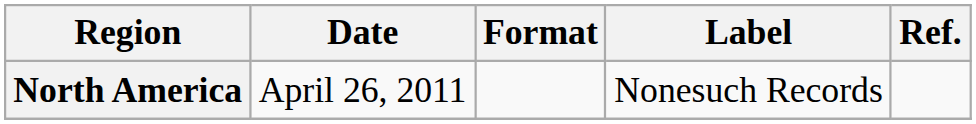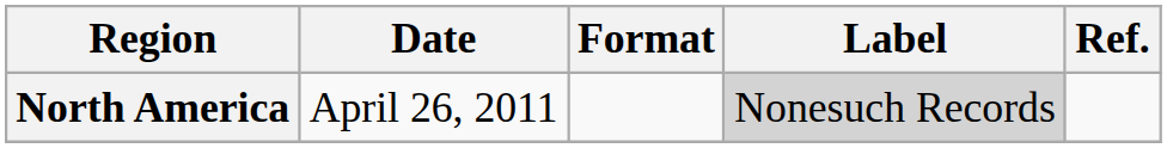 <table class="wikitable plainrowheaders">
 <tr>
 <th scope="col">Region</th>
 <th scope="col">Date</th>
 <th scope="col">Format</th>
 <th scope="col">Label</th>
 <th scope="col">Ref.</th>
 </tr>
 <tr>
 <th scope="row">North America</th>
 <td>April 26, 2011</td>
 <td></td>
-<td>Nonesuch Records</td>
+<td style="background: lightgrey;">Nonesuch Records</td>
 <td></td>
 </tr>
 <tr>
 </tr>
 </table>
